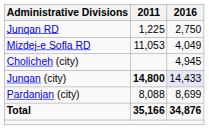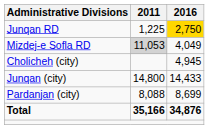 <table class="wikitable">
 <tr>
 <th>Administrative Divisions</th>
 <th>2011</th>
 <th>2016</th>
 </tr>
 <tr>
 <td><a href='#'>Junqan RD</a></td>
 <td style="text-align: right;">1,225</td>
-<td style="text-align: right;">2,750</td>
+<td style="background: gold; text-align: right;">2,750</td>
 </tr>
 <tr>
 <td><a href='#'>Mizdej-e Sofla RD</a></td>
-<td style="text-align: right;">11,053</td>
+<td style="background: lightgrey; text-align: right;">11,053</td>
 <td style="text-align: right;">4,049</td>
 </tr>
 <tr>
 <td><a href='#'>Cholicheh</a> (city)</td>
 <td style="text-align: right;"></td>
 <td style="text-align: right;">4,945</td>
 </tr>
 <tr>
 <td><a href='#'>Junqan</a> (city)</td>
-<td style="text-align: right;"><strong>14,800</strong></td>
-<td style="background: lavender; text-align: right;">14,433</td>
+<td style="text-align: right;">14,800</td>
+<td style="text-align: right;">14,433</td>
 </tr>
 <tr>
 <td><a href='#'>Pardanjan</a> (city)</td>
 <td style="text-align: right;">8,088</td>
 <td style="text-align: right;">8,699</td>
 </tr>
 <tr>
 <td><strong>Total</strong></td>
 <td style="text-align: right;"><strong>35,166</strong></td>
 <td style="text-align: right;"><strong>34,876</strong></td>
 </tr>
 <tr>
 <td colspan=4></td>
 </tr>
 </table>
